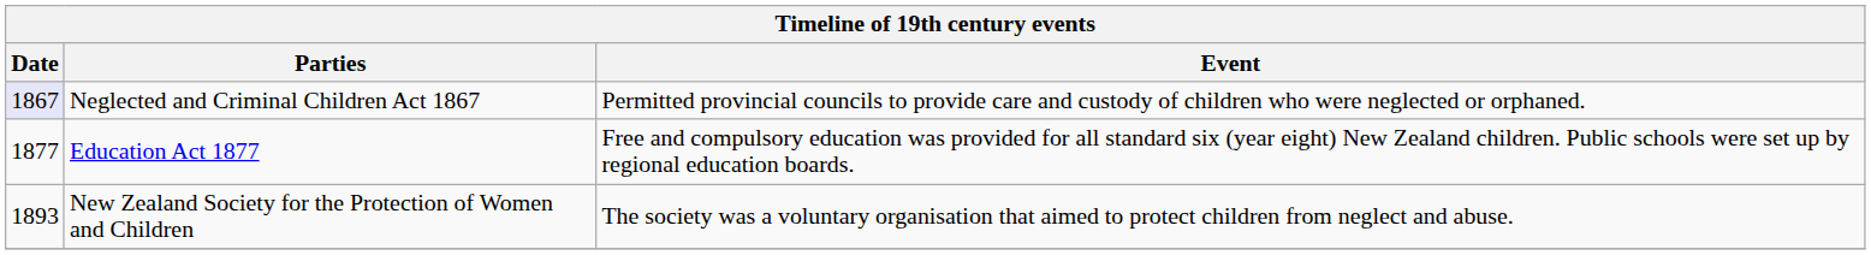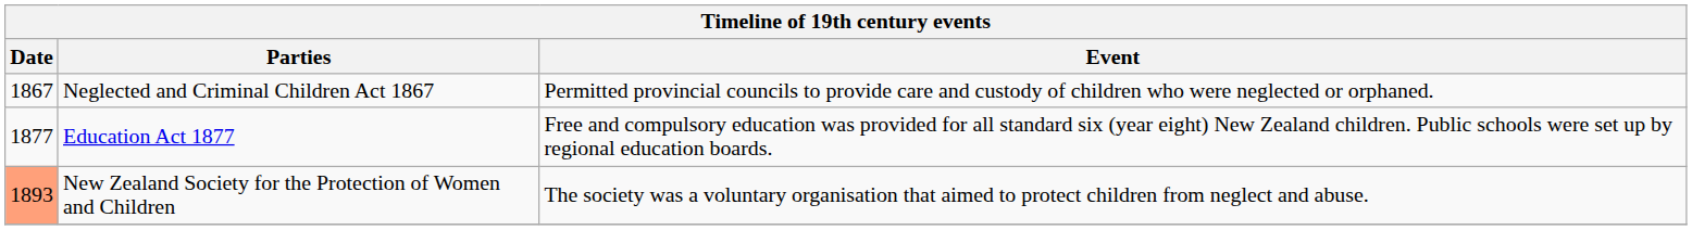 <table class="wikitable">
 <tr>
 <th align="center" colspan="6">Timeline of 19th century events</th>
 </tr>
 <tr>
 <th>Date</th>
 <th>Parties</th>
 <th>Event</th>
 </tr>
 <tr>
-<td style="background: lavender;">1867</td>
+<td>1867</td>
 <td>Neglected and Criminal Children Act 1867</td>
 <td>Permitted provincial councils to provide care and custody of children who were neglected or orphaned.</td>
 </tr>
 <tr>
 <td>1877</td>
 <td><a href='#'>Education Act 1877</a></td>
 <td>Free and compulsory education was provided for all standard six (year eight) New Zealand children. Public schools were set up by regional education boards.</td>
 </tr>
 <tr>
-<td>1893</td>
+<td style="background: lightsalmon;">1893</td>
 <td>New Zealand Society for the Protection of Women and Children</td>
 <td>The society was a voluntary organisation that aimed to protect children from neglect and abuse.</td>
 </tr>
 <tr>
 </tr>
 </table>
